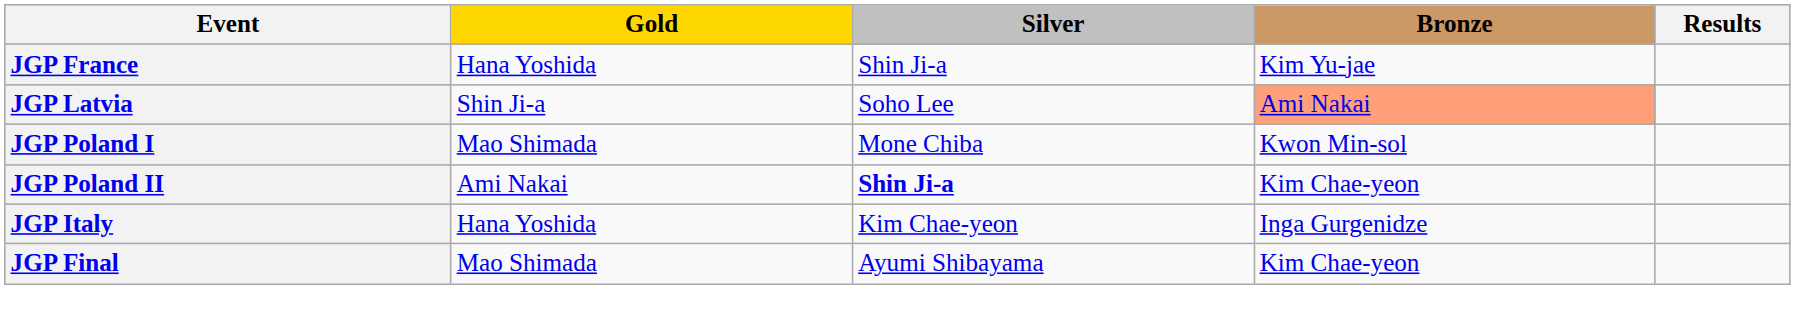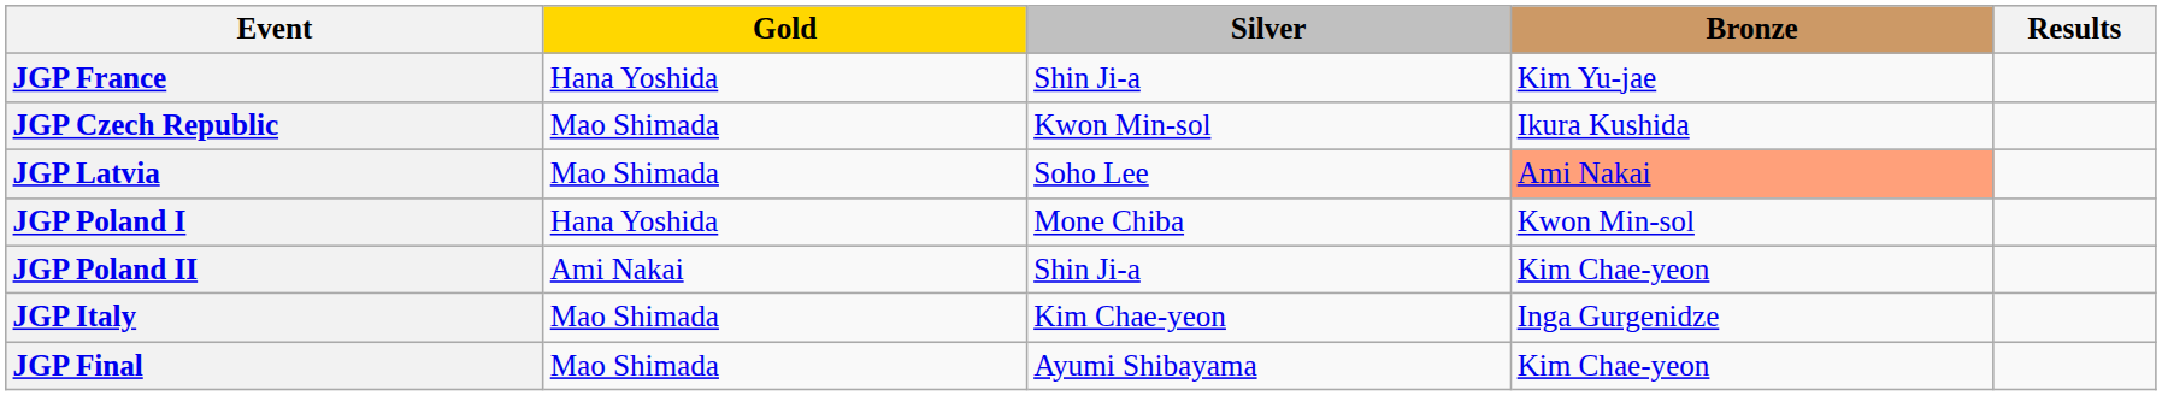 <table class="wikitable unsortable" style="text-align:left; width:90%;">
 <tr>
 <th scope="col" style="text-align:center; width:25%;">Event</th>
 <td scope="col" style="text-align:center; width:22.5%; background:gold"><strong>Gold</strong></td>
 <td scope="col" style="text-align:center; width:22.5%; background:silver"><strong>Silver</strong></td>
 <td scope="col" style="text-align:center; width:22.5%; background:#c96"><strong>Bronze</strong></td>
 <th scope="col" style="text-align:center; width:7.5%;">Results</th>
 </tr>
 <tr>
 <th scope="row" style="text-align:left"> <a href='#'>JGP France</a></th>
 <td> <a href='#'>Hana Yoshida</a></td>
 <td> <a href='#'>Shin Ji-a</a></td>
 <td> <a href='#'>Kim Yu-jae</a></td>
 <td></td>
 </tr>
 <tr>
+<th scope="row" style="text-align:left"> <a href='#'>JGP Czech Republic</a></th>
+<td> <a href='#'>Mao Shimada</a></td>
+<td> <a href='#'>Kwon Min-sol</a></td>
+<td> <a href='#'>Ikura Kushida</a></td>
+<td></td>
+</tr>
+<tr>
 <th scope="row" style="text-align:left"> <a href='#'>JGP Latvia</a></th>
-<td> <a href='#'>Shin Ji-a</a></td>
+<td> <a href='#'>Mao Shimada</a></td>
 <td> <a href='#'>Soho Lee</a></td>
 <td style="background: lightsalmon;"> <a href='#'>Ami Nakai</a></td>
 <td></td>
 </tr>
 <tr>
 <th scope="row" style="text-align:left"> <a href='#'>JGP Poland I</a></th>
-<td> <a href='#'>Mao Shimada</a></td>
+<td> <a href='#'>Hana Yoshida</a></td>
 <td> <a href='#'>Mone Chiba</a></td>
 <td> <a href='#'>Kwon Min-sol</a></td>
 <td></td>
 </tr>
 <tr>
 <th scope="row" style="text-align:left"> <a href='#'>JGP Poland II</a></th>
 <td> <a href='#'>Ami Nakai</a></td>
-<td><strong> <a href='#'>Shin Ji-a</a></strong></td>
+<td> <a href='#'>Shin Ji-a</a></td>
 <td> <a href='#'>Kim Chae-yeon</a></td>
 <td></td>
 </tr>
 <tr>
 <th scope="row" style="text-align:left"> <a href='#'>JGP Italy</a></th>
-<td> <a href='#'>Hana Yoshida</a></td>
+<td> <a href='#'>Mao Shimada</a></td>
 <td> <a href='#'>Kim Chae-yeon</a></td>
 <td> <a href='#'>Inga Gurgenidze</a></td>
 <td></td>
 </tr>
 <tr>
 <th scope="row" style="text-align:left"> <a href='#'>JGP Final</a></th>
 <td> <a href='#'>Mao Shimada</a></td>
 <td> <a href='#'>Ayumi Shibayama</a></td>
 <td> <a href='#'>Kim Chae-yeon</a></td>
 <td></td>
 </tr>
 </table>
